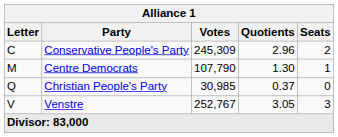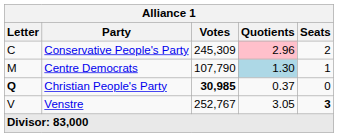 <table class="wikitable">
 <tr>
 <th colspan="5">Alliance 1</th>
 </tr>
 <tr>
 <th>Letter</th>
 <th>Party</th>
 <th>Votes</th>
 <th>Quotients</th>
 <th>Seats</th>
 </tr>
 <tr>
 <td style="text-align:left;">C</td>
 <td style="text-align:left;"><a href='#'>Conservative People's Party</a></td>
 <td style="text-align:right;">245,309</td>
-<td style="text-align:right;">2.96</td>
+<td style="background: pink; text-align:right;">2.96</td>
 <td style="text-align:right;">2</td>
 </tr>
 <tr>
 <td style="text-align:left;">M</td>
 <td style="text-align:left;"><a href='#'>Centre Democrats</a></td>
 <td style="text-align:right;">107,790</td>
-<td style="text-align:right;">1.30</td>
+<td style="background: lightblue; text-align:right;">1.30</td>
 <td style="text-align:right;">1</td>
 </tr>
 <tr>
-<td style="text-align:left;">Q</td>
+<td style="text-align:left;"><strong>Q</strong></td>
 <td style="text-align:left;"><a href='#'>Christian People's Party</a></td>
-<td style="text-align:right;">30,985</td>
+<td style="text-align:right;"><strong>30,985</strong></td>
 <td style="text-align:right;">0.37</td>
 <td style="text-align:right;">0</td>
 </tr>
 <tr>
 <td style="text-align:left;">V</td>
 <td style="text-align:left;"><a href='#'>Venstre</a></td>
 <td style="text-align:right;">252,767</td>
 <td style="text-align:right;">3.05</td>
-<td style="text-align:right;">3</td>
+<td style="text-align:right;"><strong>3</strong></td>
 </tr>
 <tr style="background-color:#E9E9E9">
 <td colspan="5" style="text-align:left;"><strong>Divisor: 83,000</strong></td>
 </tr>
 </table>
